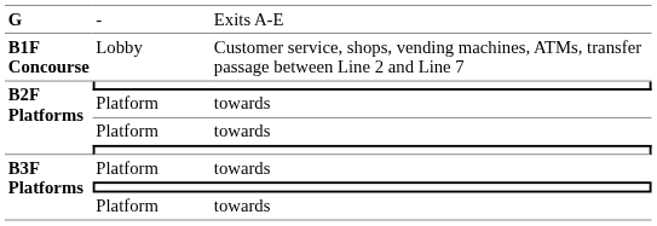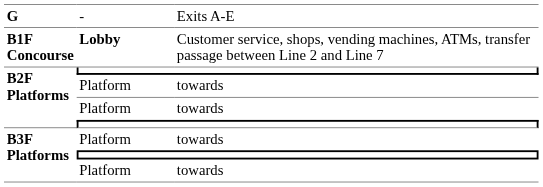 <table table border=0 cellspacing=0 cellpadding=3>
 <tr>
 <td style="border-top:solid 1px gray;" width=50 valign=top><strong>G</strong></td>
 <td style="border-top:solid 1px gray;" width=100 valign=top>-</td>
 <td style="border-top:solid 1px gray;" width=390 valign=top>Exits A-E</td>
 </tr>
 <tr>
 <td style="border-bottom:solid 1px gray; border-top:solid 1px gray;" valign=top width=50><strong>B1F<br>Concourse</strong></td>
-<td style="border-bottom:solid 1px gray; border-top:solid 1px gray;" valign=top width=100>Lobby</td>
+<td style="border-bottom:solid 1px gray; border-top:solid 1px gray;" valign=top width=100><strong>Lobby</strong></td>
 <td style="border-bottom:solid 1px gray; border-top:solid 1px gray;" valign=top width=390>Customer service, shops, vending machines, ATMs, transfer passage between Line 2 and Line 7</td>
 </tr>
 <tr>
 <td style="border-bottom:solid 1px gray;" rowspan=4 valign=top><strong>B2F<br> Platforms</strong></td>
 <td style="border-right:solid 2px black;border-left:solid 2px black;border-bottom:solid 2px black;text-align:center;" colspan=2></td>
 </tr>
 <tr>
 <td style="border-bottom:solid 1px gray;" width=100>Platform</td>
 <td style="border-bottom:solid 1px gray;" width=303>  towards  </td>
 </tr>
 <tr>
 <td>Platform</td>
 <td>  towards   </td>
 </tr>
 <tr>
 <td style="border-top:solid 2px black;border-right:solid 2px black;border-left:solid 2px black;border-bottom:solid 1px gray;text-align:center;" colspan=2></td>
 </tr>
 <tr>
 <td style="border-bottom:solid 1px gray;" rowspan="3" valign=top><strong>B3F<br>  Platforms</strong></td>
 <td>Platform</td>
 <td>  towards  </td>
 </tr>
 <tr>
 <td style="border-right:solid 2px black;border-left:solid 2px black;border-top:solid 2px black;border-bottom:solid 2px black;text-align:center;" colspan=2></td>
 </tr>
 <tr>
 <td style="border-bottom:solid 1px gray;">Platform</td>
 <td style="border-bottom:solid 1px gray;">  towards   </td>
 </tr>
 </table>
